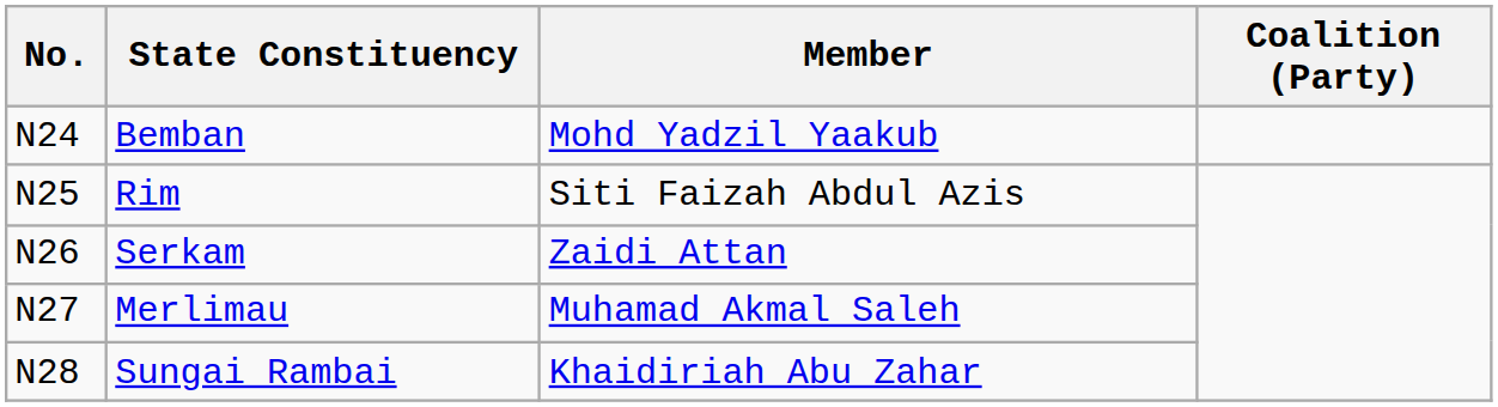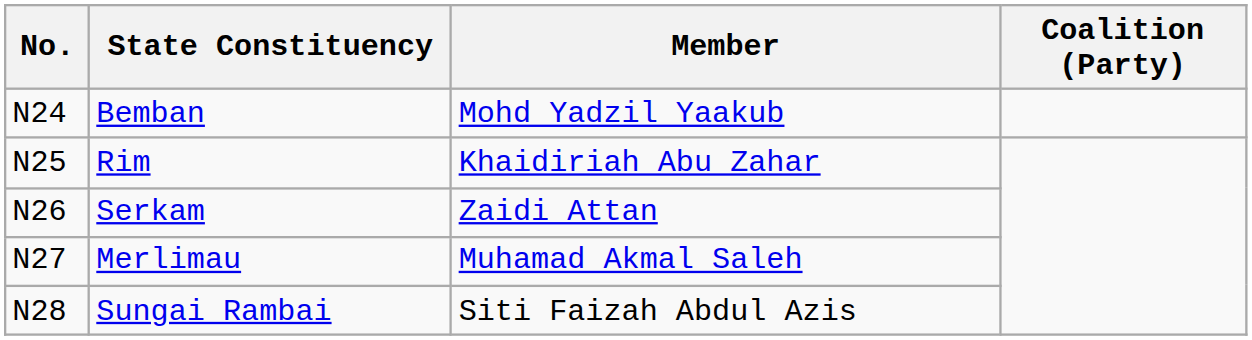 <table class="wikitable">
 <tr>
 <th width="30">No.</th>
 <th width="150">State Constituency</th>
 <th width="230">Member</th>
 <th width="100">Coalition (Party)</th>
 </tr>
 <tr>
 <td>N24</td>
 <td><a href='#'>Bemban</a></td>
 <td><a href='#'>Mohd Yadzil Yaakub</a></td>
 <td></td>
 </tr>
 <tr>
 <td>N25</td>
 <td><a href='#'>Rim</a></td>
-<td>Siti Faizah Abdul Azis</td>
+<td><a href='#'>Khaidiriah Abu Zahar</a></td>
 <td rowspan="4"></td>
 </tr>
 <tr>
 <td>N26</td>
 <td><a href='#'>Serkam</a></td>
 <td><a href='#'>Zaidi Attan</a></td>
 </tr>
 <tr>
 <td>N27</td>
 <td><a href='#'>Merlimau</a></td>
 <td><a href='#'>Muhamad Akmal Saleh</a></td>
 </tr>
 <tr>
 <td>N28</td>
 <td><a href='#'>Sungai Rambai</a></td>
-<td><a href='#'>Khaidiriah Abu Zahar</a></td>
+<td>Siti Faizah Abdul Azis</td>
 </tr>
 </table>
